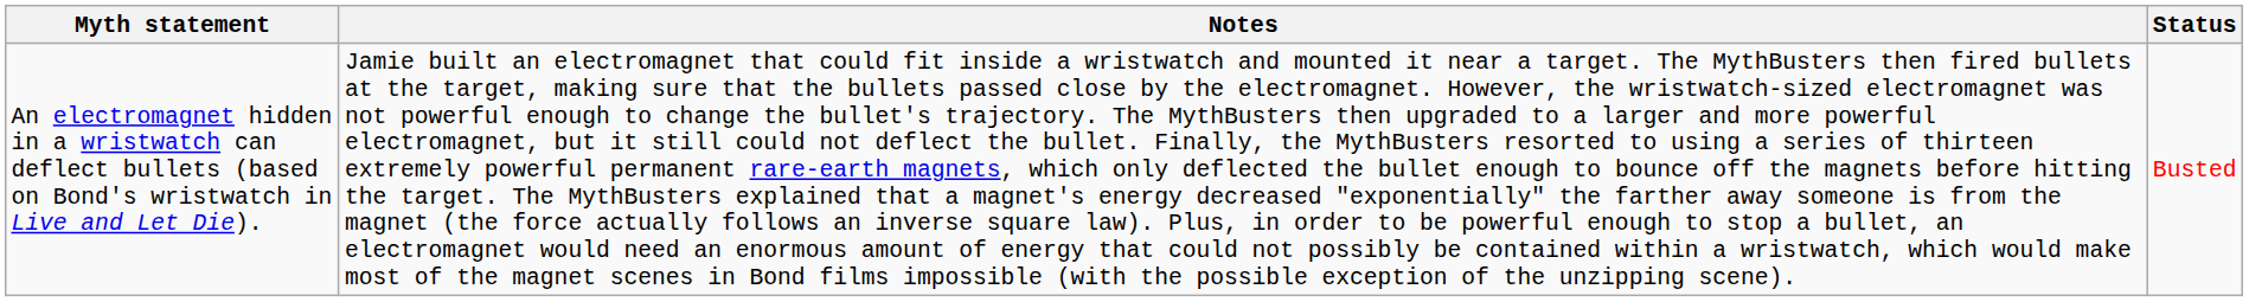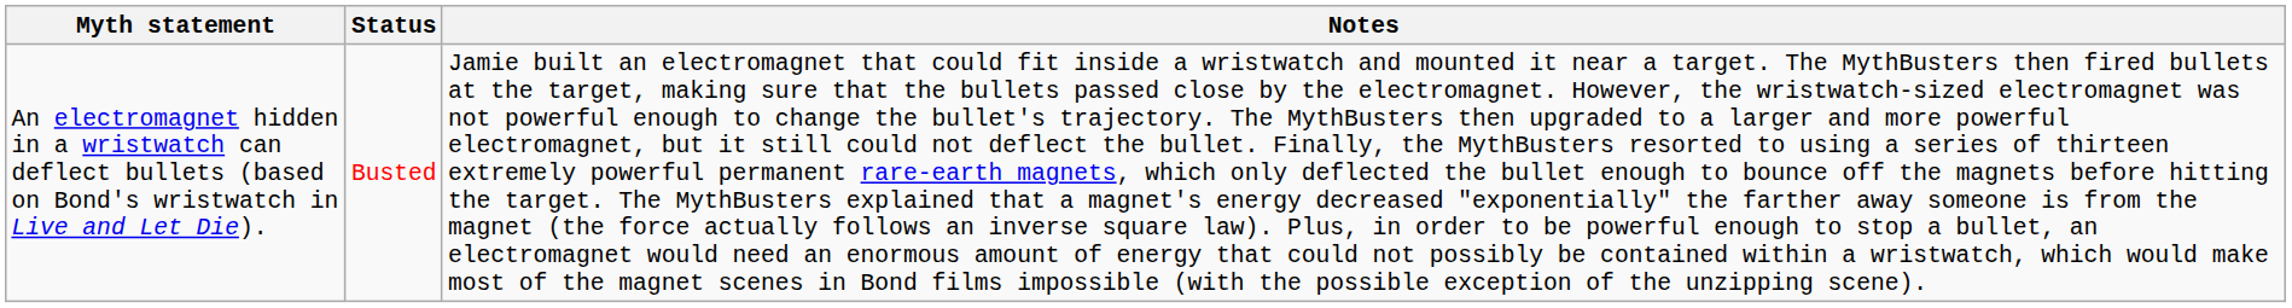 <table class="wikitable plainrowheaders">
 <tr>
 <th>Myth statement</th>
+<th>Status</th>
 <th>Notes</th>
-<th>Status</th>
 </tr>
 <tr>
 <td>An <a href='#'>electromagnet</a> hidden in a <a href='#'>wristwatch</a> can deflect bullets (based on Bond's wristwatch in <em><a href='#'>Live and Let Die</a></em>).</td>
+<td style="color:red">Busted</td>
 <td>Jamie built an electromagnet that could fit inside a wristwatch and mounted it near a target. The MythBusters then fired bullets at the target, making sure that the bullets passed close by the electromagnet. However, the wristwatch-sized electromagnet was not powerful enough to change the bullet's trajectory. The MythBusters then upgraded to a larger and more powerful electromagnet, but it still could not deflect the bullet. Finally, the MythBusters resorted to using a series of thirteen extremely powerful permanent <a href='#'>rare-earth magnets</a>, which only deflected the bullet enough to bounce off the magnets before hitting the target.  The MythBusters explained that a magnet's energy decreased "exponentially"  the farther away someone is from the magnet (the force actually follows an inverse square law). Plus, in order to be powerful enough to stop a bullet, an electromagnet would need an enormous amount of energy that could not possibly be contained within a wristwatch, which would make most of the magnet scenes in Bond films impossible (with the possible exception of the unzipping scene).</td>
-<td style="color:red">Busted</td>
 </tr>
 </table>
